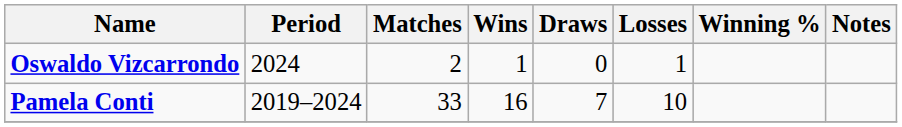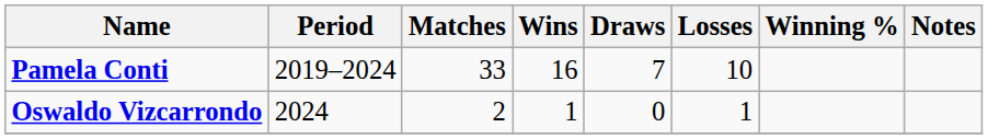 <table class="wikitable" style="text-align: right;">
 <tr>
 <th>Name</th>
 <th>Period</th>
 <th>Matches</th>
 <th>Wins</th>
 <th>Draws</th>
 <th>Losses</th>
 <th>Winning %</th>
 <th>Notes</th>
 </tr>
 <tr>
+<td style="text-align: left;"> <strong><a href='#'>Pamela Conti</a></strong></td>
+<td style="text-align: left;">2019–2024</td>
+<td>33</td>
+<td>16</td>
+<td>7</td>
+<td>10</td>
+<td></td>
+<td></td>
+</tr>
+<tr>
 <td style="text-align: left;"> <strong><a href='#'>Oswaldo Vizcarrondo</a></strong></td>
 <td style="text-align: left;">2024</td>
 <td>2</td>
 <td>1</td>
 <td>0</td>
 <td>1</td>
 <td></td>
 <td></td>
 </tr>
 <tr>
-<td style="text-align: left;"> <strong><a href='#'>Pamela Conti</a></strong></td>
-<td style="text-align: left;">2019–2024</td>
-<td>33</td>
-<td>16</td>
-<td>7</td>
-<td>10</td>
-<td></td>
-<td></td>
-</tr>
-<tr>
 </tr>
 </table>
